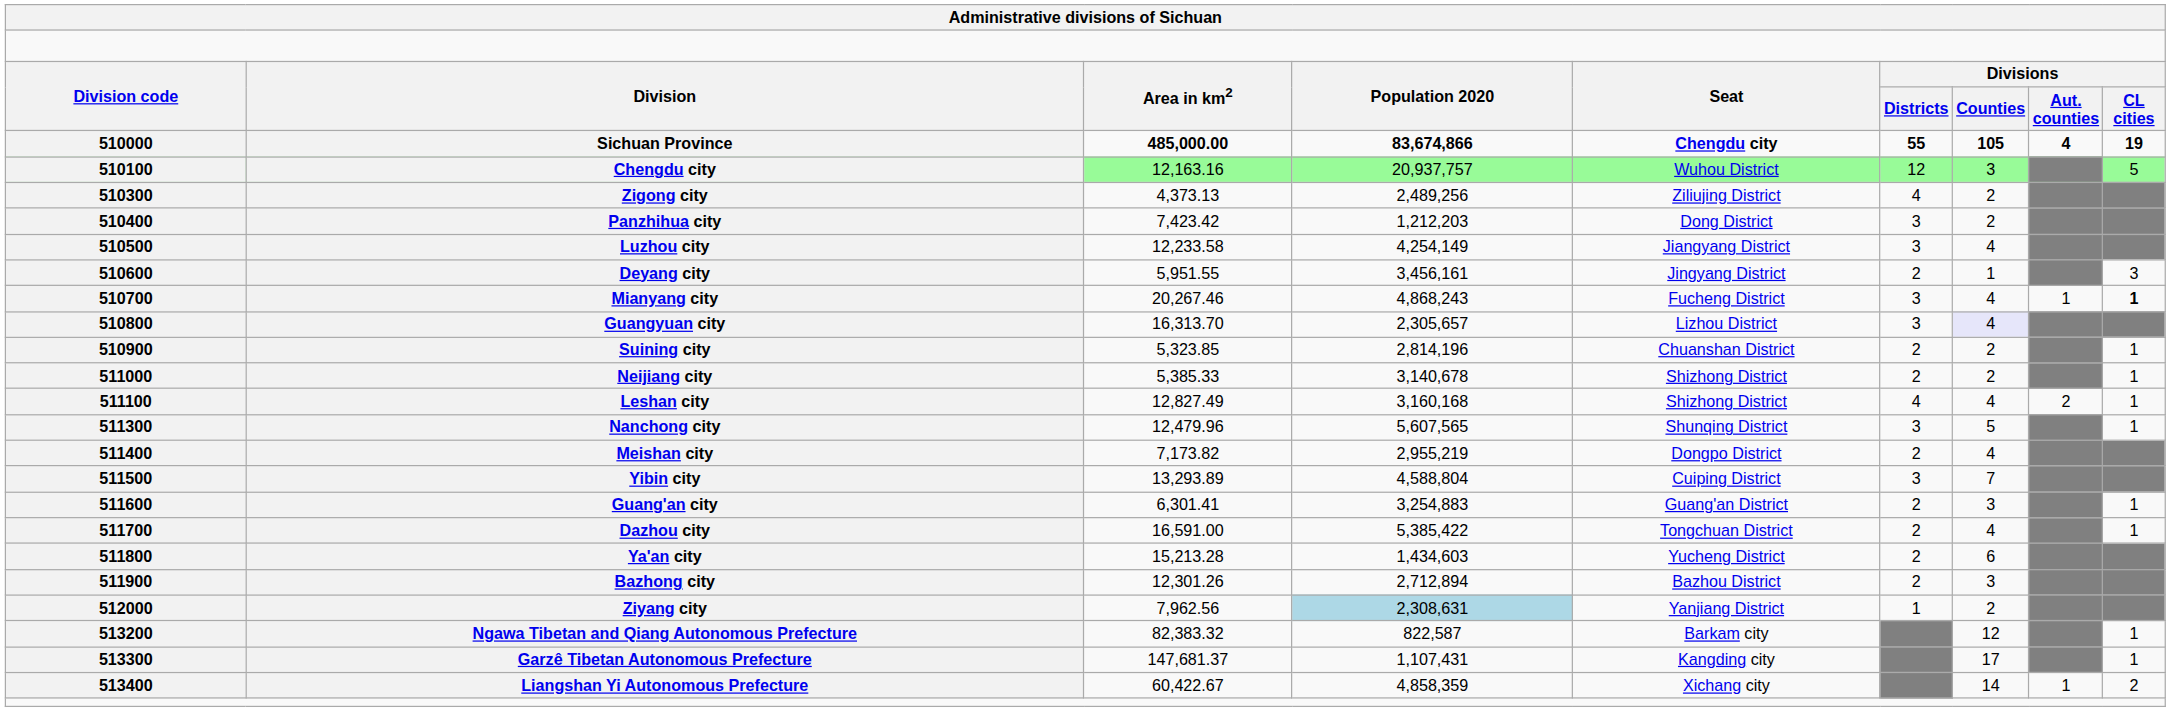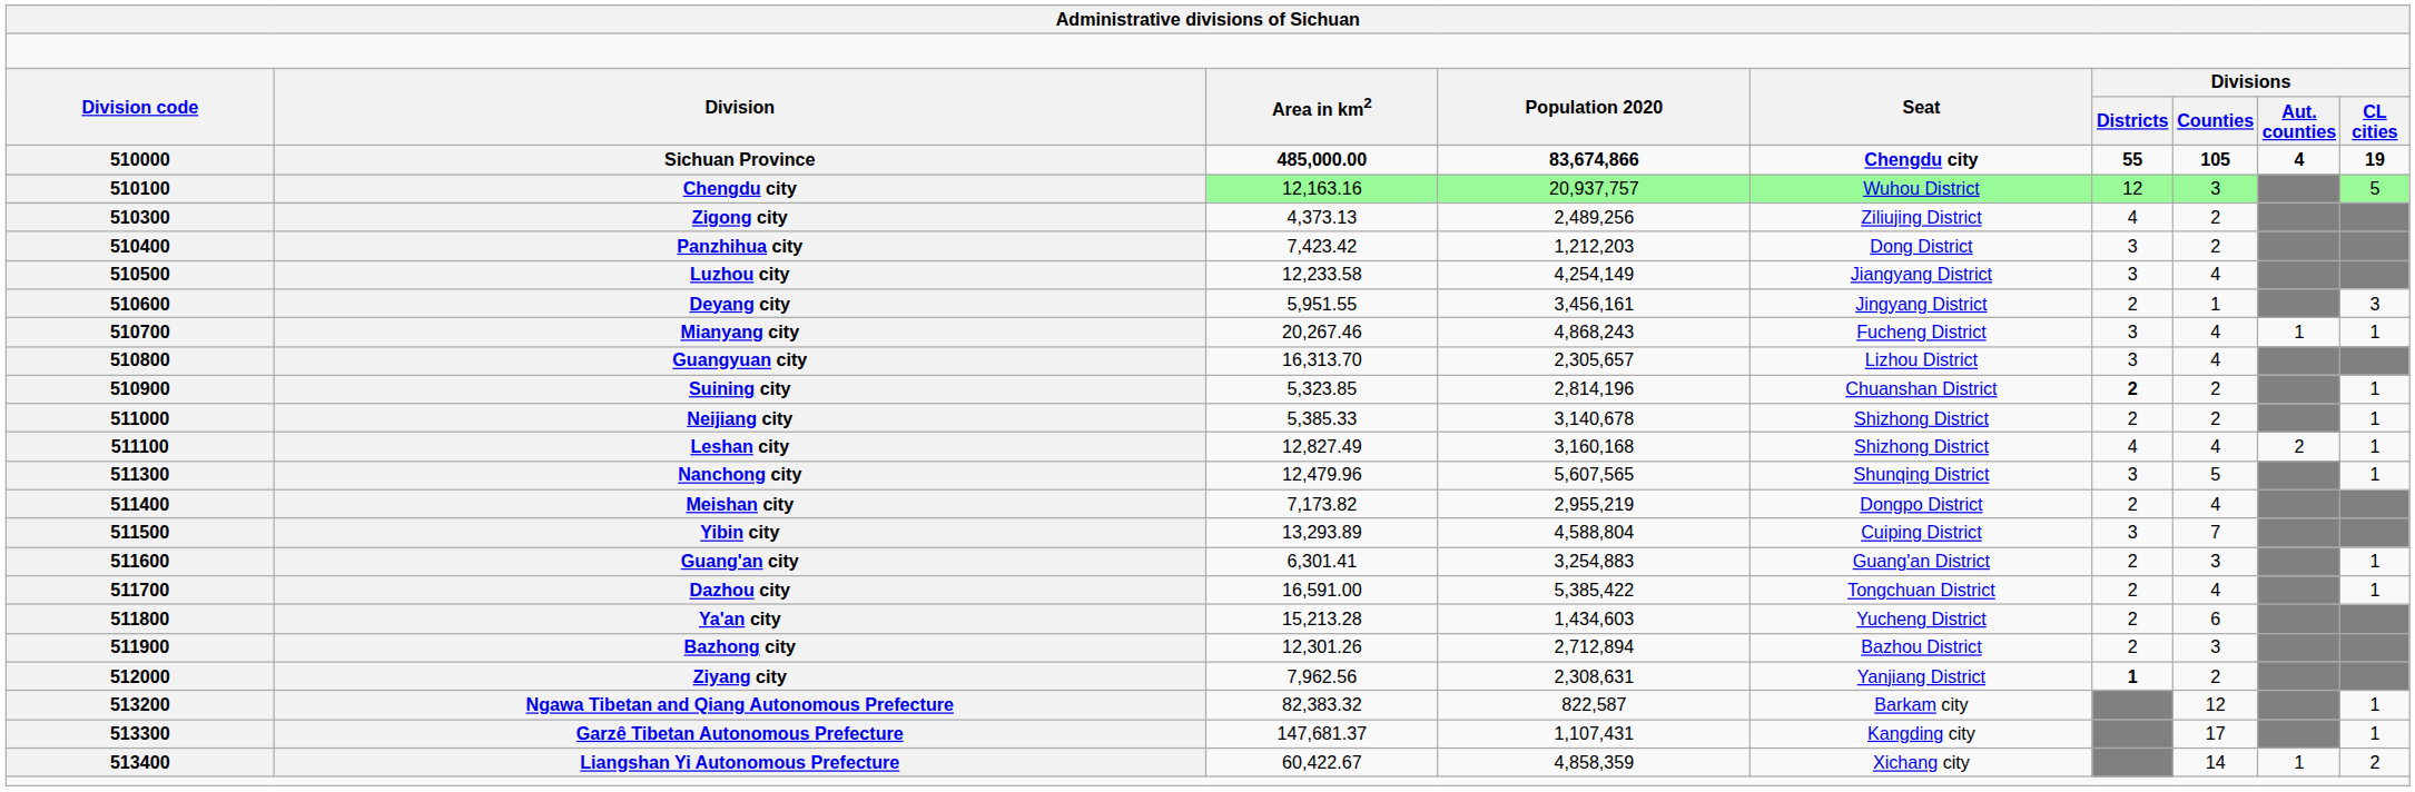 <table class="wikitable sortable" style="margin:1em auto 1em auto; width:90%; font-size:smaller; text-align:center">
 <tr>
 <th colspan="9"><strong>Administrative divisions of Sichuan</strong></th>
 </tr>
 <tr>
 <td colspan="9" style="font-size:larger"><div><br>                         </div></td>
 </tr>
 <tr>
 <th ! scope="col" rowspan="2"><a href='#'>Division code</a></th>
 <th ! scope="col" rowspan="2">Division</th>
 <th ! scope="col" rowspan="2">Area in km<sup>2</sup></th>
 <th ! scope="col" rowspan="2">Population 2020</th>
 <th ! scope="col" rowspan="2">Seat</th>
 <th ! scope="col" colspan="4">Divisions</th>
 </tr>
 <tr>
 <th ! scope="col" style="width:45px;"><a href='#'>Districts</a></th>
 <th ! scope="col" style="width:45px;"><a href='#'>Counties</a></th>
 <th ! scope="col" style="width:45px;"><a href='#'>Aut. counties</a></th>
 <th ! scope="col" style="width:45px;"><a href='#'>CL cities</a></th>
 </tr>
 <tr style="font-weight: bold">
 <th>510000</th>
 <th>Sichuan Province</th>
 <td>485,000.00</td>
 <td>83,674,866</td>
 <td><a href='#'>Chengdu</a> city</td>
 <td>55</td>
 <td>105</td>
 <td>4</td>
 <td>19</td>
 </tr>
 <tr style="background:#98fb98;">
 <th>510100</th>
 <th><a href='#'>Chengdu</a> city</th>
 <td>12,163.16</td>
 <td>20,937,757</td>
 <td><a href='#'>Wuhou District</a></td>
 <td>12</td>
 <td>3</td>
 <td style="background:gray;"></td>
 <td>5</td>
 </tr>
 <tr>
 <th>510300</th>
 <th><a href='#'>Zigong</a> city</th>
 <td>4,373.13</td>
 <td>2,489,256</td>
 <td><a href='#'>Ziliujing District</a></td>
 <td>4</td>
 <td>2</td>
 <td style="background:gray;"></td>
 <td style="background:gray;"></td>
 </tr>
 <tr>
 <th>510400</th>
 <th><a href='#'>Panzhihua</a> city</th>
 <td>7,423.42</td>
 <td>1,212,203</td>
 <td><a href='#'>Dong District</a></td>
 <td>3</td>
 <td>2</td>
 <td style="background:gray;"></td>
 <td style="background:gray;"></td>
 </tr>
 <tr>
 <th>510500</th>
 <th><a href='#'>Luzhou</a> city</th>
 <td>12,233.58</td>
 <td>4,254,149</td>
 <td><a href='#'>Jiangyang District</a></td>
 <td>3</td>
 <td>4</td>
 <td style="background:gray;"></td>
 <td style="background:gray;"></td>
 </tr>
 <tr>
 <th>510600</th>
 <th><a href='#'>Deyang</a> city</th>
 <td>5,951.55</td>
 <td>3,456,161</td>
 <td><a href='#'>Jingyang District</a></td>
 <td>2</td>
 <td>1</td>
 <td style="background:gray;"></td>
 <td>3</td>
 </tr>
 <tr>
 <th>510700</th>
 <th><a href='#'>Mianyang</a> city</th>
 <td>20,267.46</td>
 <td>4,868,243</td>
 <td><a href='#'>Fucheng District</a></td>
 <td>3</td>
 <td>4</td>
 <td>1</td>
-<td><strong>1</strong></td>
+<td>1</td>
 </tr>
 <tr>
 <th>510800</th>
 <th><a href='#'>Guangyuan</a> city</th>
 <td>16,313.70</td>
 <td>2,305,657</td>
 <td><a href='#'>Lizhou District</a></td>
 <td>3</td>
-<td style="background: lavender;">4</td>
+<td>4</td>
 <td style="background:gray;"></td>
 <td style="background:gray;"></td>
 </tr>
 <tr>
 <th>510900</th>
 <th><a href='#'>Suining</a> city</th>
 <td>5,323.85</td>
 <td>2,814,196</td>
 <td><a href='#'>Chuanshan District</a></td>
-<td>2</td>
+<td><strong>2</strong></td>
 <td>2</td>
 <td style="background:gray;"></td>
 <td>1</td>
 </tr>
 <tr>
 <th>511000</th>
 <th><a href='#'>Neijiang</a> city</th>
 <td>5,385.33</td>
 <td>3,140,678</td>
 <td><a href='#'>Shizhong District</a></td>
 <td>2</td>
 <td>2</td>
 <td style="background:gray;"></td>
 <td>1</td>
 </tr>
 <tr>
 <th>511100</th>
 <th><a href='#'>Leshan</a> city</th>
 <td>12,827.49</td>
 <td>3,160,168</td>
 <td><a href='#'>Shizhong District</a></td>
 <td>4</td>
 <td>4</td>
 <td>2</td>
 <td>1</td>
 </tr>
 <tr>
 <th>511300</th>
 <th><a href='#'>Nanchong</a> city</th>
 <td>12,479.96</td>
 <td>5,607,565</td>
 <td><a href='#'>Shunqing District</a></td>
 <td>3</td>
 <td>5</td>
 <td style="background:gray;"></td>
 <td>1</td>
 </tr>
 <tr>
 <th>511400</th>
 <th><a href='#'>Meishan</a> city</th>
 <td>7,173.82</td>
 <td>2,955,219</td>
 <td><a href='#'>Dongpo District</a></td>
 <td>2</td>
 <td>4</td>
 <td style="background:gray;"></td>
 <td style="background:gray;"></td>
 </tr>
 <tr>
 <th>511500</th>
 <th><a href='#'>Yibin</a> city</th>
 <td>13,293.89</td>
 <td>4,588,804</td>
 <td><a href='#'>Cuiping District</a></td>
 <td>3</td>
 <td>7</td>
 <td style="background:gray;"></td>
 <td style="background:gray;"></td>
 </tr>
 <tr>
 <th>511600</th>
 <th><a href='#'>Guang'an</a> city</th>
 <td>6,301.41</td>
 <td>3,254,883</td>
 <td><a href='#'>Guang'an District</a></td>
 <td>2</td>
 <td>3</td>
 <td style="background:gray;"></td>
 <td>1</td>
 </tr>
 <tr>
 <th>511700</th>
 <th><a href='#'>Dazhou</a> city</th>
 <td>16,591.00</td>
 <td>5,385,422</td>
 <td><a href='#'>Tongchuan District</a></td>
 <td>2</td>
 <td>4</td>
 <td style="background:gray;"></td>
 <td>1</td>
 </tr>
 <tr>
 <th>511800</th>
 <th><a href='#'>Ya'an</a> city</th>
 <td>15,213.28</td>
 <td>1,434,603</td>
 <td><a href='#'>Yucheng District</a></td>
 <td>2</td>
 <td>6</td>
 <td style="background:gray;"></td>
 <td style="background:gray;"></td>
 </tr>
 <tr>
 <th>511900</th>
 <th><a href='#'>Bazhong</a> city</th>
 <td>12,301.26</td>
 <td>2,712,894</td>
 <td><a href='#'>Bazhou District</a></td>
 <td>2</td>
 <td>3</td>
 <td style="background:gray;"></td>
 <td style="background:gray;"></td>
 </tr>
 <tr>
 <th>512000</th>
 <th><a href='#'>Ziyang</a> city</th>
 <td>7,962.56</td>
-<td style="background: lightblue;">2,308,631</td>
+<td>2,308,631</td>
 <td><a href='#'>Yanjiang District</a></td>
-<td>1</td>
+<td><strong>1</strong></td>
 <td>2</td>
 <td style="background:gray;"></td>
 <td style="background:gray;"></td>
 </tr>
 <tr>
 <th>513200</th>
 <th><a href='#'>Ngawa Tibetan and Qiang Autonomous Prefecture</a></th>
 <td>82,383.32</td>
 <td>822,587</td>
 <td><a href='#'>Barkam</a> city</td>
 <td style="background:gray;"></td>
 <td>12</td>
 <td style="background:gray;"></td>
 <td>1</td>
 </tr>
 <tr>
 <th>513300</th>
 <th><a href='#'>Garzê Tibetan Autonomous Prefecture</a></th>
 <td>147,681.37</td>
 <td>1,107,431</td>
 <td><a href='#'>Kangding</a> city</td>
 <td style="background:gray;"></td>
 <td>17</td>
 <td style="background:gray;"></td>
 <td>1</td>
 </tr>
 <tr>
 <th>513400</th>
 <th><a href='#'>Liangshan Yi Autonomous Prefecture</a></th>
 <td>60,422.67</td>
 <td>4,858,359</td>
 <td><a href='#'>Xichang</a> city</td>
 <td style="background:gray;"></td>
 <td>14</td>
 <td>1</td>
 <td>2</td>
 </tr>
 <tr>
 <td colspan = "12"></td>
 </tr>
 </table>
